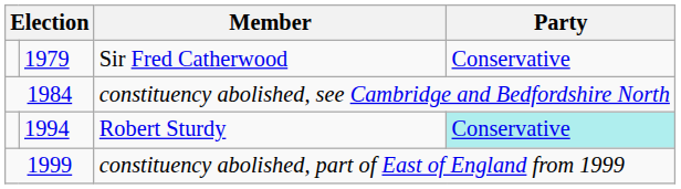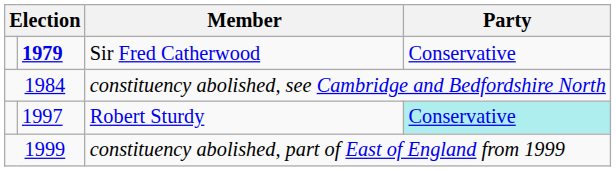 <table class="wikitable">
 <tr>
 <th colspan="2">Election</th>
 <th>Member</th>
 <th>Party</th>
 </tr>
 <tr>
 <td style="background-color: "></td>
-<td><a href='#'>1979</a></td>
+<td><strong><a href='#'>1979</a></strong></td>
 <td>Sir <a href='#'>Fred Catherwood</a></td>
 <td><a href='#'>Conservative</a></td>
 </tr>
 <tr>
 <td colspan="2" align="center"><a href='#'>1984</a></td>
 <td colspan="2"><em>constituency abolished, see <a href='#'>Cambridge and Bedfordshire North</a></em></td>
 </tr>
 <tr>
 <td style="background-color: "></td>
-<td><a href='#'>1994</a></td>
+<td><a href='#'>1997</a></td>
 <td><a href='#'>Robert Sturdy</a></td>
 <td style="background: paleturquoise;"><a href='#'>Conservative</a></td>
 </tr>
 <tr>
 <td colspan="2" align="center"><a href='#'>1999</a></td>
 <td colspan="2"><em>constituency abolished, part of <a href='#'>East of England</a> from 1999</em></td>
 </tr>
 </table>
